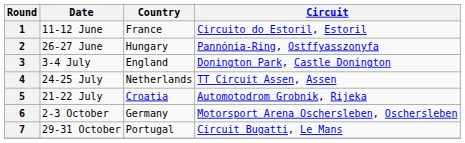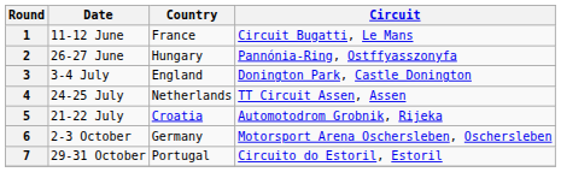 <table class="wikitable" style="font-size: 85%;">
 <tr>
 <th>Round</th>
 <th>Date</th>
 <th>Country</th>
 <th><a href='#'>Circuit</a></th>
 </tr>
 <tr>
 <th>1</th>
 <td>11-12 June</td>
 <td> France</td>
-<td><a href='#'>Circuito do Estoril</a>, <a href='#'>Estoril</a></td>
+<td><a href='#'>Circuit Bugatti</a>, <a href='#'>Le Mans</a></td>
 </tr>
 <tr>
 <th>2</th>
 <td>26-27 June</td>
 <td> Hungary</td>
 <td><a href='#'>Pannónia-Ring</a>, <a href='#'>Ostffyasszonyfa</a></td>
 </tr>
 <tr>
 <th>3</th>
 <td>3-4 July</td>
 <td> England</td>
 <td><a href='#'>Donington Park</a>, <a href='#'>Castle Donington</a></td>
 </tr>
 <tr>
 <th>4</th>
 <td>24-25 July</td>
 <td> Netherlands</td>
 <td><a href='#'>TT Circuit Assen</a>, <a href='#'>Assen</a></td>
 </tr>
 <tr>
 <th>5</th>
 <td>21-22 July</td>
 <td> <a href='#'>Croatia</a></td>
 <td><a href='#'>Automotodrom Grobnik</a>, <a href='#'>Rijeka</a></td>
 </tr>
 <tr>
 <th>6</th>
 <td>2-3 October</td>
 <td> Germany</td>
 <td><a href='#'>Motorsport Arena Oschersleben</a>, <a href='#'>Oschersleben</a></td>
 </tr>
 <tr>
 <th>7</th>
 <td>29-31 October</td>
 <td> Portugal</td>
-<td><a href='#'>Circuit Bugatti</a>, <a href='#'>Le Mans</a></td>
+<td><a href='#'>Circuito do Estoril</a>, <a href='#'>Estoril</a></td>
 </tr>
 <tr>
 </tr>
 </table>
